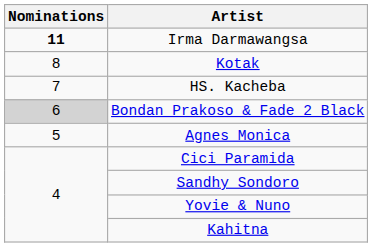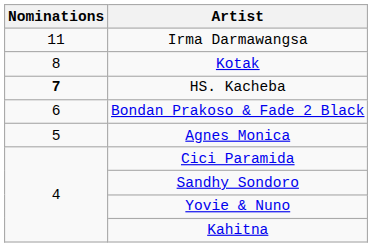 <table class="wikitable" style="text-align: center">
 <tr>
 <th>Nominations</th>
 <th>Artist</th>
 </tr>
 <tr>
-<td style="text-align:center"><strong>11</strong></td>
+<td style="text-align:center">11</td>
 <td>Irma Darmawangsa</td>
 </tr>
 <tr>
 <td style="text-align:center">8</td>
 <td><a href='#'>Kotak</a></td>
 </tr>
 <tr>
-<td style="text-align:center">7</td>
+<td style="text-align:center"><strong>7</strong></td>
 <td>HS. Kacheba</td>
 </tr>
 <tr>
-<td style="background: lightgrey; text-align:center">6</td>
+<td style="text-align:center">6</td>
 <td><a href='#'>Bondan Prakoso & Fade 2 Black</a></td>
 </tr>
 <tr>
 <td style="text-align:center">5</td>
 <td><a href='#'>Agnes Monica</a></td>
 </tr>
 <tr>
 <td rowspan= "4" style="text-align:center">4</td>
 <td><a href='#'>Cici Paramida</a></td>
 </tr>
 <tr>
 <td><a href='#'>Sandhy Sondoro</a></td>
 </tr>
 <tr>
 <td><a href='#'>Yovie & Nuno</a></td>
 </tr>
 <tr>
 <td><a href='#'>Kahitna</a></td>
 </tr>
 </table>
